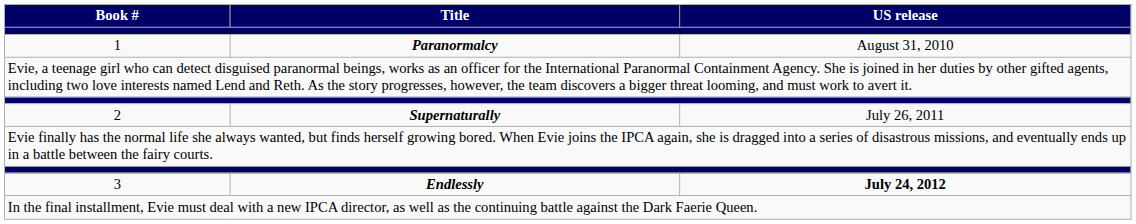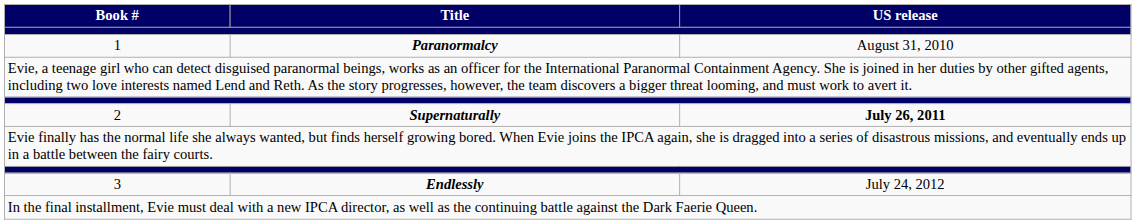 <table class="wikitable" style="width:98%; background-color:#FFFFF">
 <tr style="color:white">
 <th style="background-color: #000066;">Book #</th>
 <th style="background-color: #000066;">Title</th>
 <th style="background-color: #000066;">US release</th>
 </tr>
 <tr>
 <td colspan="6" bgcolor="#000066"></td>
 </tr>
 <tr>
 <td align="center">1</td>
 <td align="center"><strong><em>Paranormalcy</em></strong></td>
 <td align="center">August 31, 2010</td>
 </tr>
 <tr>
 <td colspan="6">Evie, a teenage girl who can detect disguised paranormal beings, works as an officer for the International Paranormal Containment Agency. She is joined in her duties by other gifted agents, including two love interests named Lend and Reth. As the story progresses, however, the team discovers a bigger threat looming, and must work to avert it.</td>
 </tr>
 <tr>
 <td colspan="6" bgcolor="#000066"></td>
 </tr>
 <tr>
 <td align="center">2</td>
 <td align="center"><strong><em>Supernaturally</em></strong></td>
-<td align="center">July 26, 2011</td>
+<td align="center"><strong>July 26, 2011</strong></td>
 </tr>
 <tr>
 <td colspan="6">Evie finally has the normal life she always wanted, but finds herself growing bored. When Evie joins the IPCA again, she is dragged into a series of disastrous missions, and eventually ends up in a battle between the fairy courts.</td>
 </tr>
 <tr>
 <td colspan="6" bgcolor="#000066"></td>
 </tr>
 <tr>
 <td align="center">3</td>
 <td align="center"><strong><em>Endlessly</em></strong></td>
-<td align="center"><strong>July 24, 2012</strong></td>
+<td align="center">July 24, 2012</td>
 </tr>
 <tr>
 <td colspan="6">In the final installment, Evie must deal with a new IPCA director, as well as the continuing battle against the Dark Faerie Queen.</td>
 </tr>
 </table>
